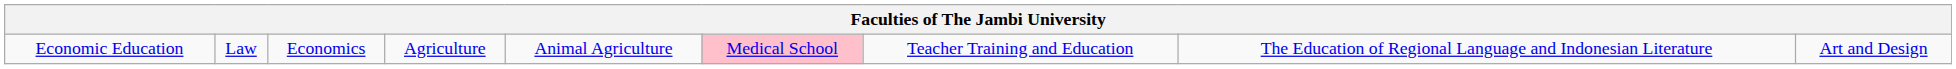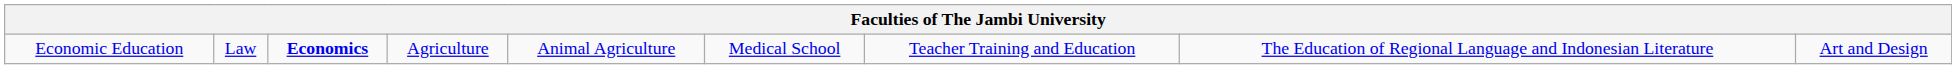 <table class="wikitable" style="font-size:90%;width:100%;border:0px;text-align:center;line-height:120%;">
 <tr>
 <th colspan="9"><strong>Faculties of The Jambi University</strong></th>
 </tr>
 <tr>
 <td><a href='#'>Economic Education</a></td>
 <td><a href='#'>Law</a></td>
-<td><a href='#'>Economics</a></td>
+<td><strong><a href='#'>Economics</a></strong></td>
 <td><a href='#'>Agriculture</a></td>
 <td><a href='#'>Animal Agriculture</a></td>
-<td style="background: pink;"><a href='#'>Medical School</a></td>
+<td><a href='#'>Medical School</a></td>
 <td><a href='#'>Teacher Training and Education</a></td>
 <td><a href='#'>The Education of Regional Language and Indonesian Literature</a></td>
 <td><a href='#'>Art and Design</a></td>
 </tr>
 </table>
